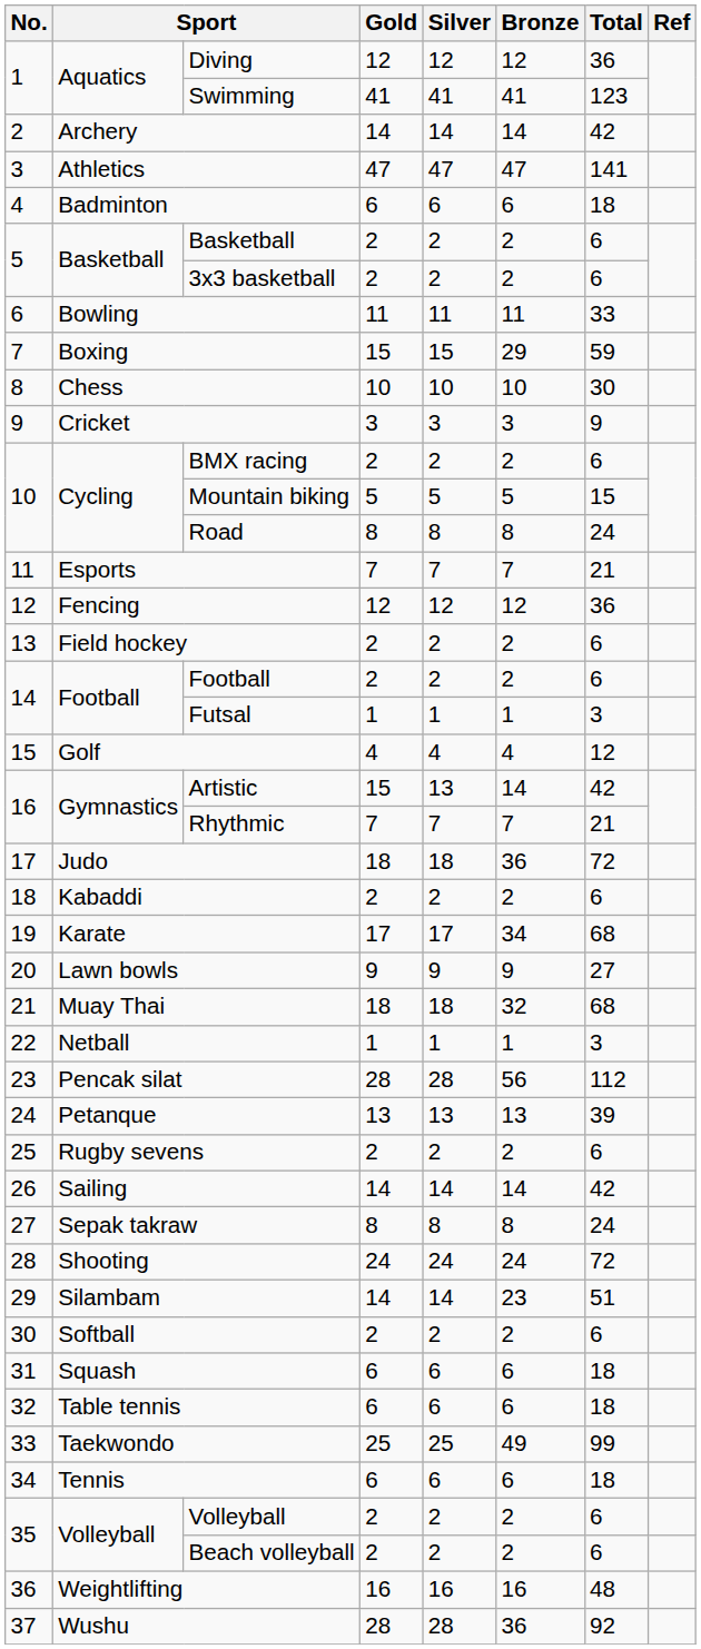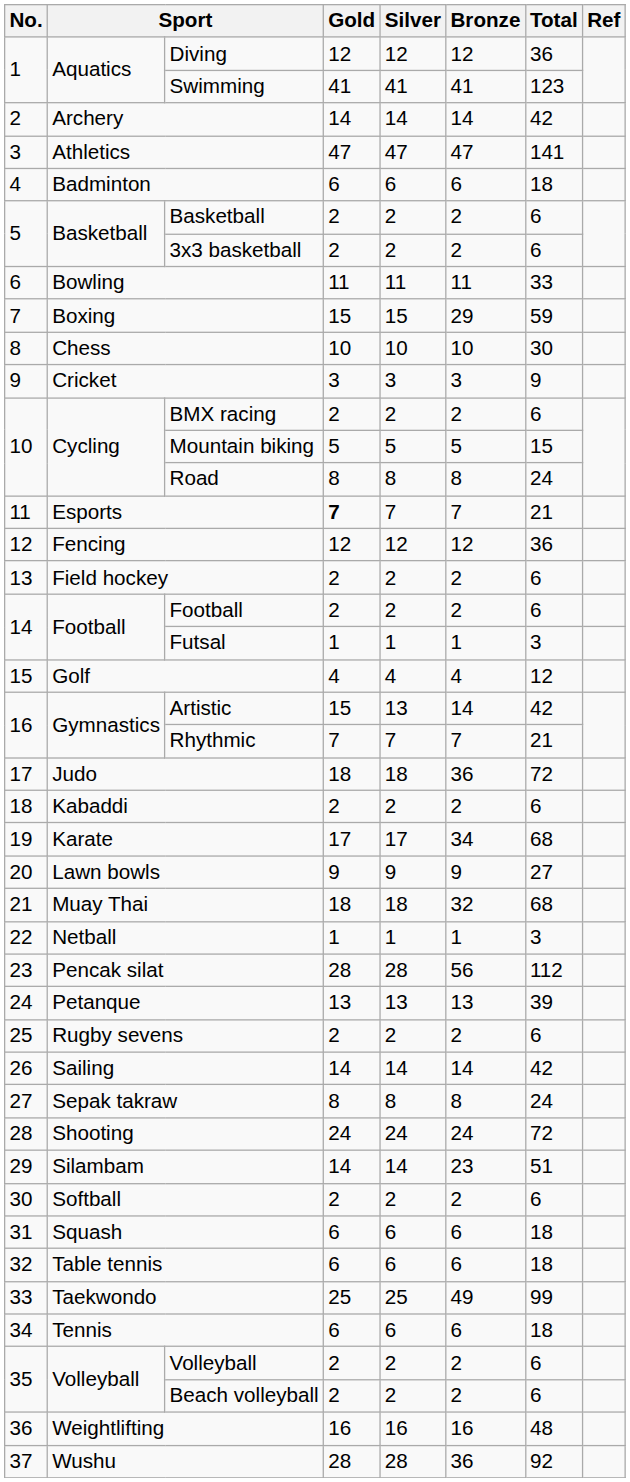 <table class="wikitable">
 <tr>
 <th>No.</th>
 <th colspan=2>Sport</th>
 <th>Gold</th>
 <th>Silver</th>
 <th>Bronze</th>
 <th>Total</th>
 <th>Ref</th>
 </tr>
 <tr>
 <td rowspan=2>1</td>
 <td align=left rowspan=2>Aquatics</td>
 <td>Diving</td>
 <td>12</td>
 <td>12</td>
 <td>12</td>
 <td>36</td>
 <td rowspan=2></td>
 </tr>
 <tr>
 <td>Swimming</td>
 <td>41</td>
 <td>41</td>
 <td>41</td>
 <td>123</td>
 </tr>
 <tr>
 <td>2</td>
 <td colspan=2>Archery</td>
 <td>14</td>
 <td>14</td>
 <td>14</td>
 <td>42</td>
 <td></td>
 </tr>
 <tr>
 <td>3</td>
 <td colspan=2>Athletics</td>
 <td>47</td>
 <td>47</td>
 <td>47</td>
 <td>141</td>
 <td></td>
 </tr>
 <tr>
 <td>4</td>
 <td colspan=2>Badminton</td>
 <td>6</td>
 <td>6</td>
 <td>6</td>
 <td>18</td>
 <td></td>
 </tr>
 <tr>
 <td rowspan=2>5</td>
 <td align=left rowspan=2>Basketball</td>
 <td>Basketball</td>
 <td>2</td>
 <td>2</td>
 <td>2</td>
 <td>6</td>
 <td rowspan=2></td>
 </tr>
 <tr>
 <td>3x3 basketball</td>
 <td>2</td>
 <td>2</td>
 <td>2</td>
 <td>6</td>
 </tr>
 <tr>
 <td>6</td>
 <td colspan=2>Bowling</td>
 <td>11</td>
 <td>11</td>
 <td>11</td>
 <td>33</td>
 <td></td>
 </tr>
 <tr>
 <td>7</td>
 <td colspan=2>Boxing</td>
 <td>15</td>
 <td>15</td>
 <td>29</td>
 <td>59</td>
 <td></td>
 </tr>
 <tr>
 <td>8</td>
 <td colspan=2>Chess</td>
 <td>10</td>
 <td>10</td>
 <td>10</td>
 <td>30</td>
 <td></td>
 </tr>
 <tr>
 <td>9</td>
 <td colspan=2>Cricket</td>
 <td>3</td>
 <td>3</td>
 <td>3</td>
 <td>9</td>
 <td></td>
 </tr>
 <tr>
 <td rowspan=3>10</td>
 <td align=left rowspan=3>Cycling</td>
 <td>BMX racing</td>
 <td>2</td>
 <td>2</td>
 <td>2</td>
 <td>6</td>
 <td rowspan=3></td>
 </tr>
 <tr>
 <td>Mountain biking</td>
 <td>5</td>
 <td>5</td>
 <td>5</td>
 <td>15</td>
 </tr>
 <tr>
 <td>Road</td>
 <td>8</td>
 <td>8</td>
 <td>8</td>
 <td>24</td>
 </tr>
 <tr>
 <td>11</td>
 <td colspan=2>Esports</td>
-<td>7</td>
+<td><strong>7</strong></td>
 <td>7</td>
 <td>7</td>
 <td>21</td>
 <td></td>
 </tr>
 <tr>
 <td>12</td>
 <td colspan=2>Fencing</td>
 <td>12</td>
 <td>12</td>
 <td>12</td>
 <td>36</td>
 <td></td>
 </tr>
 <tr>
 <td>13</td>
 <td colspan=2>Field hockey</td>
 <td>2</td>
 <td>2</td>
 <td>2</td>
 <td>6</td>
 <td></td>
 </tr>
 <tr>
 <td rowspan=2>14</td>
 <td align=left rowspan=2>Football</td>
 <td>Football</td>
 <td>2</td>
 <td>2</td>
 <td>2</td>
 <td>6</td>
 <td></td>
 </tr>
 <tr>
 <td>Futsal</td>
 <td>1</td>
 <td>1</td>
 <td>1</td>
 <td>3</td>
 <td></td>
 </tr>
 <tr>
 <td>15</td>
 <td colspan=2>Golf</td>
 <td>4</td>
 <td>4</td>
 <td>4</td>
 <td>12</td>
 <td></td>
 </tr>
 <tr>
 <td rowspan=2>16</td>
 <td align=left rowspan=2>Gymnastics</td>
 <td>Artistic</td>
 <td>15</td>
 <td>13</td>
 <td>14</td>
 <td>42</td>
 <td rowspan=2></td>
 </tr>
 <tr>
 <td>Rhythmic</td>
 <td>7</td>
 <td>7</td>
 <td>7</td>
 <td>21</td>
 </tr>
 <tr>
 <td>17</td>
 <td colspan=2>Judo</td>
 <td>18</td>
 <td>18</td>
 <td>36</td>
 <td>72</td>
 <td></td>
 </tr>
 <tr>
 <td>18</td>
 <td colspan=2>Kabaddi</td>
 <td>2</td>
 <td>2</td>
 <td>2</td>
 <td>6</td>
 <td></td>
 </tr>
 <tr>
 <td>19</td>
 <td colspan=2>Karate</td>
 <td>17</td>
 <td>17</td>
 <td>34</td>
 <td>68</td>
 <td></td>
 </tr>
 <tr>
 <td>20</td>
 <td colspan=2>Lawn bowls</td>
 <td>9</td>
 <td>9</td>
 <td>9</td>
 <td>27</td>
 <td></td>
 </tr>
 <tr>
 <td>21</td>
 <td colspan=2>Muay Thai</td>
 <td>18</td>
 <td>18</td>
 <td>32</td>
 <td>68</td>
 <td></td>
 </tr>
 <tr>
 <td>22</td>
 <td colspan=2>Netball</td>
 <td>1</td>
 <td>1</td>
 <td>1</td>
 <td>3</td>
 <td></td>
 </tr>
 <tr>
 <td>23</td>
 <td colspan=2>Pencak silat</td>
 <td>28</td>
 <td>28</td>
 <td>56</td>
 <td>112</td>
 <td></td>
 </tr>
 <tr>
 <td>24</td>
 <td colspan=2>Petanque</td>
 <td>13</td>
 <td>13</td>
 <td>13</td>
 <td>39</td>
 <td></td>
 </tr>
 <tr>
 <td>25</td>
 <td colspan=2>Rugby sevens</td>
 <td>2</td>
 <td>2</td>
 <td>2</td>
 <td>6</td>
 <td></td>
 </tr>
 <tr>
 <td>26</td>
 <td colspan=2>Sailing</td>
 <td>14</td>
 <td>14</td>
 <td>14</td>
 <td>42</td>
 <td></td>
 </tr>
 <tr>
 <td>27</td>
 <td colspan=2>Sepak takraw</td>
 <td>8</td>
 <td>8</td>
 <td>8</td>
 <td>24</td>
 <td></td>
 </tr>
 <tr>
 <td>28</td>
 <td colspan=2>Shooting</td>
 <td>24</td>
 <td>24</td>
 <td>24</td>
 <td>72</td>
 <td></td>
 </tr>
 <tr>
 <td>29</td>
 <td colspan=2>Silambam</td>
 <td>14</td>
 <td>14</td>
 <td>23</td>
 <td>51</td>
 <td></td>
 </tr>
 <tr>
 <td>30</td>
 <td colspan=2>Softball</td>
 <td>2</td>
 <td>2</td>
 <td>2</td>
 <td>6</td>
 <td></td>
 </tr>
 <tr>
 <td>31</td>
 <td colspan=2>Squash</td>
 <td>6</td>
 <td>6</td>
 <td>6</td>
 <td>18</td>
 <td></td>
 </tr>
 <tr>
 <td>32</td>
 <td colspan=2>Table tennis</td>
 <td>6</td>
 <td>6</td>
 <td>6</td>
 <td>18</td>
 <td></td>
 </tr>
 <tr>
 <td>33</td>
 <td colspan=2>Taekwondo</td>
 <td>25</td>
 <td>25</td>
 <td>49</td>
 <td>99</td>
 <td></td>
 </tr>
 <tr>
 <td>34</td>
 <td colspan=2>Tennis</td>
 <td>6</td>
 <td>6</td>
 <td>6</td>
 <td>18</td>
 <td></td>
 </tr>
 <tr>
 <td rowspan=2>35</td>
 <td align=left rowspan=2>Volleyball</td>
 <td>Volleyball</td>
 <td>2</td>
 <td>2</td>
 <td>2</td>
 <td>6</td>
 <td></td>
 </tr>
 <tr>
 <td>Beach volleyball</td>
 <td>2</td>
 <td>2</td>
 <td>2</td>
 <td>6</td>
 <td></td>
 </tr>
 <tr>
 <td>36</td>
 <td colspan=2>Weightlifting</td>
 <td>16</td>
 <td>16</td>
 <td>16</td>
 <td>48</td>
 <td></td>
 </tr>
 <tr>
 <td>37</td>
 <td colspan=2>Wushu</td>
 <td>28</td>
 <td>28</td>
 <td>36</td>
 <td>92</td>
 <td></td>
 </tr>
 </table>
